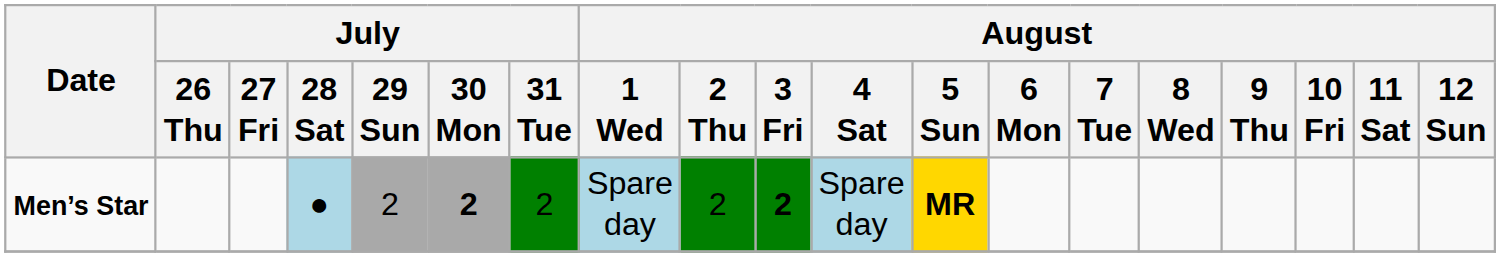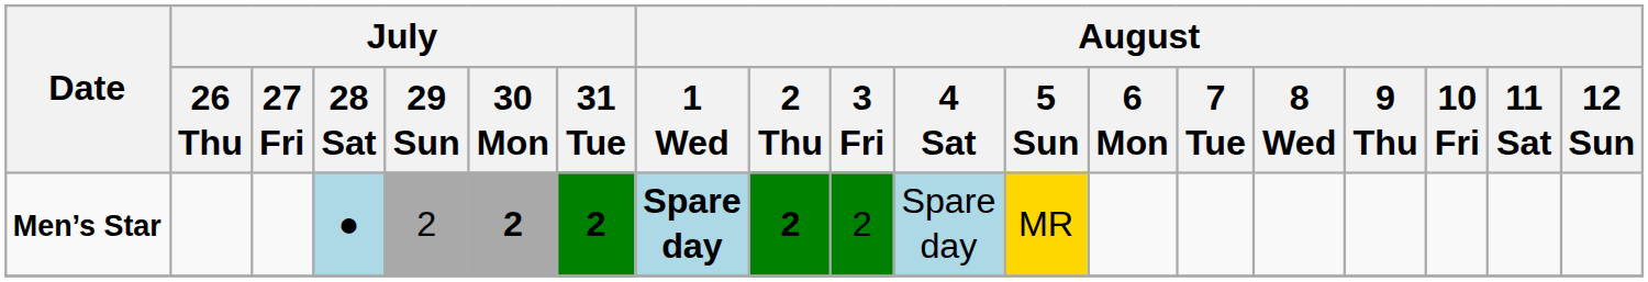 <table class="wikitable" style="margin:0.5em auto; font-size:90%; line-height:1.25em;">
 <tr>
 <th rowspan=2>Date</th>
 <th colspan=6>July</th>
 <th colspan=12>August</th>
 </tr>
 <tr>
 <th>26<br>Thu</th>
 <th>27<br>Fri</th>
 <th>28<br>Sat</th>
 <th>29<br>Sun</th>
 <th>30<br>Mon</th>
 <th>31<br>Tue</th>
 <th>1<br>Wed</th>
 <th>2<br>Thu</th>
 <th>3<br>Fri</th>
 <th>4<br>Sat</th>
 <th>5<br>Sun</th>
 <th>6<br>Mon</th>
 <th>7<br>Tue</th>
 <th>8<br>Wed</th>
 <th>9<br>Thu</th>
 <th>10<br>Fri</th>
 <th>11<br>Sat</th>
 <th>12<br>Sun</th>
 </tr>
 <tr align="center">
 <td align="right"><small><strong>Men’s Star</strong></small></td>
 <td></td>
 <td></td>
 <td bgcolor=LightBlue><span> ● </span></td>
 <td bgcolor=Darkgrey><span> 2 </span></td>
 <td bgcolor=Darkgrey><strong><span> 2 </span></strong></td>
+<td bgcolor=Green><strong><span> 2 </span></strong></td>
+<td bgcolor=LightBlue><strong><span> Spare<br>day </span></strong></td>
+<td bgcolor=Green><strong><span> 2 </span></strong></td>
 <td bgcolor=Green><span> 2 </span></td>
 <td bgcolor=LightBlue><span> Spare<br>day </span></td>
-<td bgcolor=Green><span> 2 </span></td>
-<td bgcolor=Green><strong><span> 2 </span></strong></td>
-<td bgcolor=LightBlue><span> Spare<br>day </span></td>
-<td bgcolor=Gold><strong><span> MR </span></strong></td>
+<td bgcolor=Gold><span> MR </span></td>
 <td></td>
 <td></td>
 <td></td>
 <td></td>
 <td></td>
 <td></td>
 <td></td>
 </tr>
 <tr>
 </tr>
 </table>
